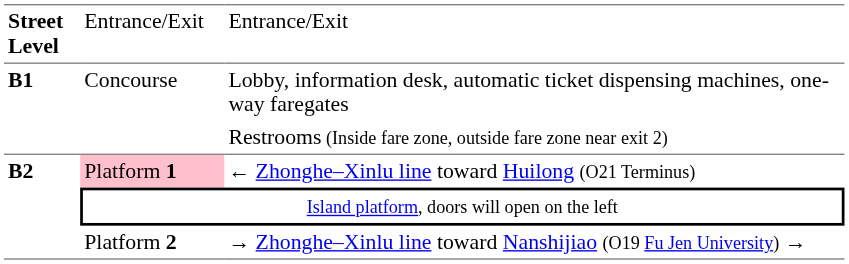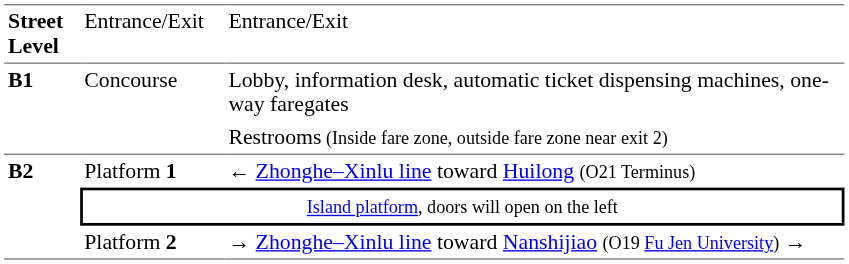 <table table border=0 cellspacing=0 cellpadding=3>
 <tr>
 <td style="border-bottom:solid 1px gray;border-top:solid 1px gray;" width=50 valign=top><strong>Street Level</strong></td>
 <td style="border-top:solid 1px gray;border-bottom:solid 1px gray;" width=100 valign=top>Entrance/Exit</td>
 <td style="border-top:solid 1px gray;border-bottom:solid 1px gray;" width=450 valign=top>Entrance/Exit</td>
 </tr>
 <tr>
 <td style="border-bottom:solid 1px gray;" rowspan=2 valign=top><strong>B1</strong></td>
 <td style="border-bottom:solid 1px gray;" rowspan=2 valign=top>Concourse</td>
 <td width=390>Lobby, information desk, automatic ticket dispensing machines, one-way faregates</td>
 </tr>
 <tr>
 <td style="border-bottom:solid 1px gray;">Restrooms<small> (Inside fare zone, outside fare zone near exit 2)</small></td>
 </tr>
 <tr>
 <td style="border-bottom:solid 1px gray;" rowspan=3 valign=top><strong>B2</strong></td>
-<td style="background: pink;">Platform <span><strong>1</strong></span></td>
+<td>Platform <span><strong>1</strong></span></td>
 <td>←  <a href='#'>Zhonghe–Xinlu line</a> toward <a href='#'>Huilong</a> <small>(O21 Terminus)</small></td>
 </tr>
 <tr>
 <td style="border-top:solid 2px black;border-right:solid 2px black;border-left:solid 2px black;border-bottom:solid 2px black;text-align:center;" colspan=2><small><a href='#'>Island platform</a>, doors will open on the left</small></td>
 </tr>
 <tr>
 <td style="border-bottom:solid 1px gray;">Platform <span><strong>2</strong></span></td>
 <td style="border-bottom:solid 1px gray;"><span>→</span>  <a href='#'>Zhonghe–Xinlu line</a> toward <a href='#'>Nanshijiao</a> <small>(O19 <a href='#'>Fu Jen University</a>)</small> →</td>
 </tr>
 </table>
